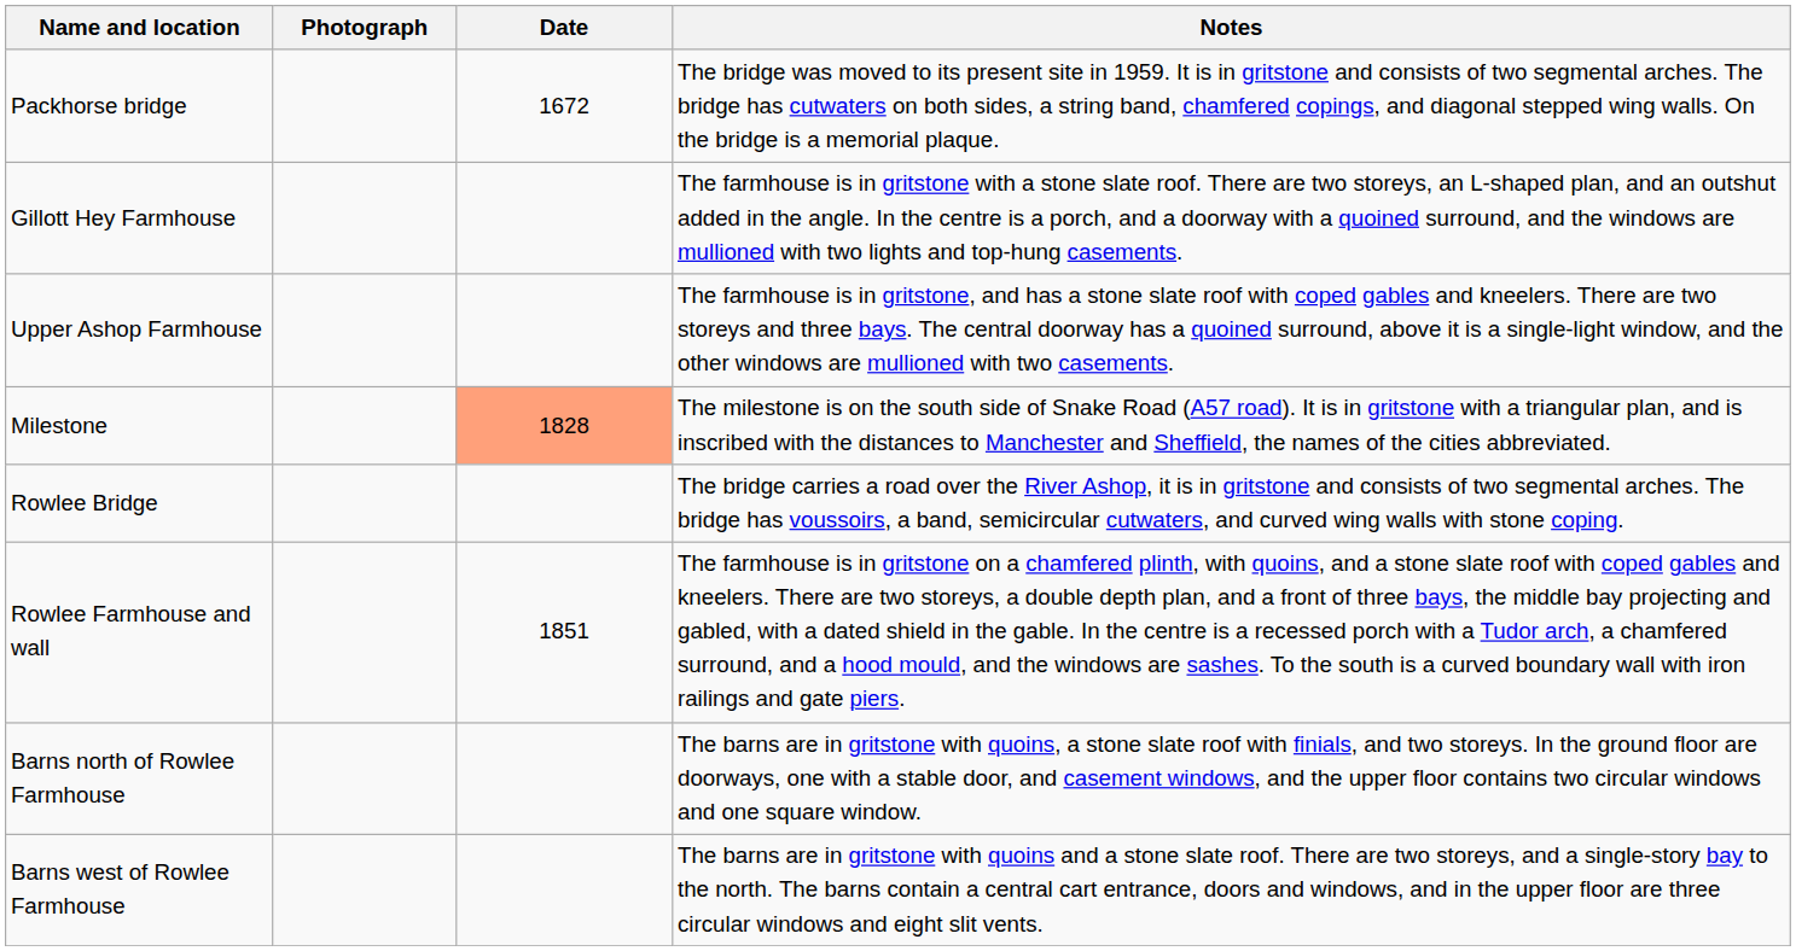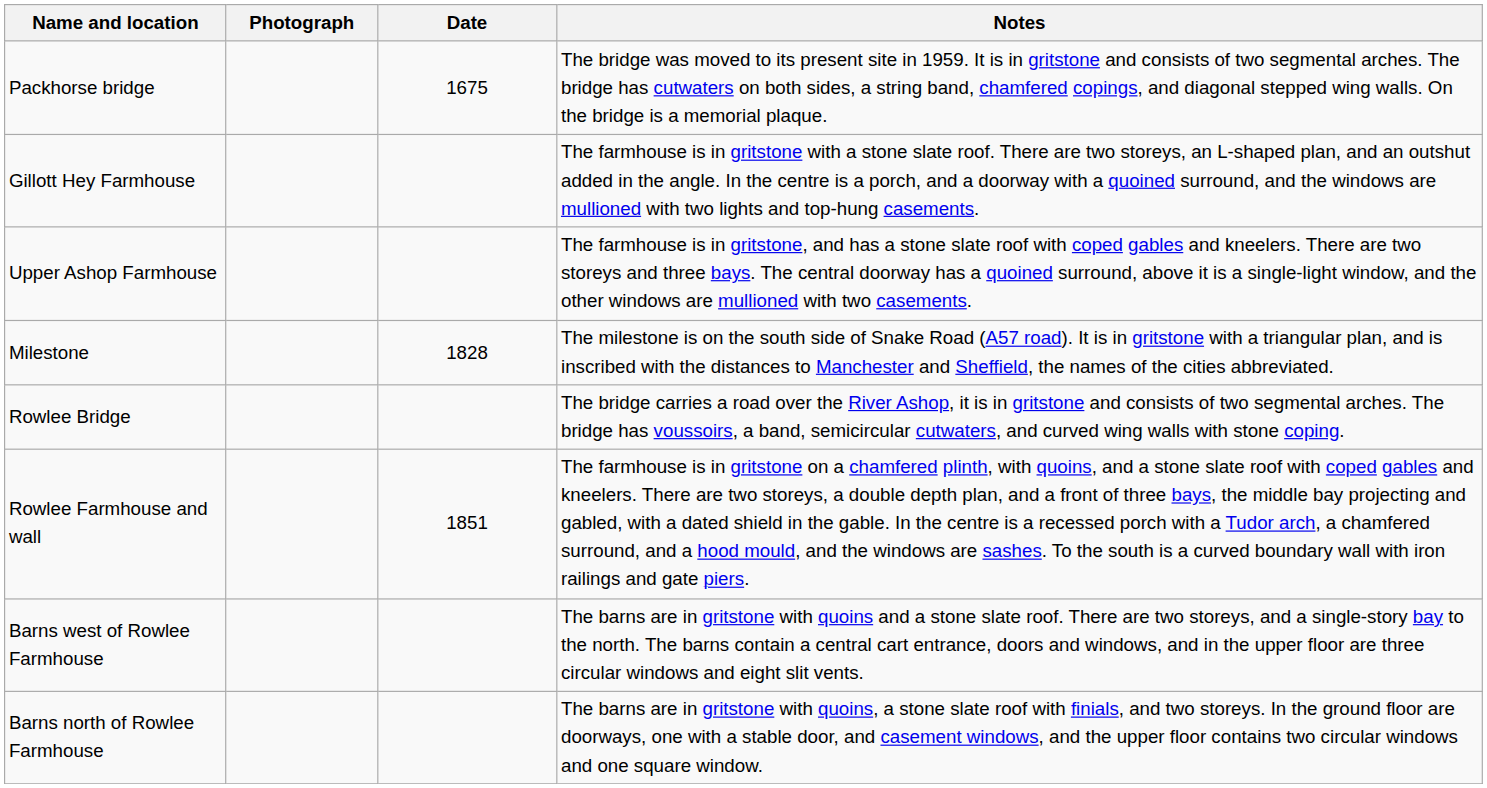 <table class="wikitable sortable plainrowheaders" style="width:100%;border:0px;text-align:left;line-height:150%;">
 <tr>
 <th scope="col" style="width:150px">Name and location</th>
 <th scope="col" style="width:100px" class="unsortable">Photograph</th>
 <th scope="col" style="width:120px">Date</th>
 <th scope="col" style="width:650px" class="unsortable">Notes</th>
 </tr>
 <tr>
 <td>Packhorse bridge<br><small></small></td>
 <td></td>
-<td align="center">1672</td>
+<td align="center">1675</td>
 <td>The bridge was moved to its present site in 1959. It is in <a href='#'>gritstone</a> and consists of two segmental arches. The bridge has <a href='#'>cutwaters</a> on both sides, a string band, <a href='#'>chamfered</a> <a href='#'>copings</a>, and diagonal stepped wing walls. On the bridge is a memorial plaque.</td>
 </tr>
 <tr>
 <td>Gillott Hey Farmhouse<br><small></small></td>
 <td></td>
 <td align="center"></td>
 <td>The farmhouse is in <a href='#'>gritstone</a> with a stone slate roof. There are two storeys, an L-shaped plan, and an outshut added in the angle. In the centre is a porch, and a doorway with a <a href='#'>quoined</a> surround, and the windows are <a href='#'>mullioned</a> with two lights and top-hung <a href='#'>casements</a>.</td>
 </tr>
 <tr>
 <td>Upper Ashop Farmhouse<br><small></small></td>
 <td></td>
 <td align="center"></td>
 <td>The farmhouse is in <a href='#'>gritstone</a>, and has a stone slate roof with <a href='#'>coped</a> <a href='#'>gables</a> and kneelers. There are two storeys and three <a href='#'>bays</a>. The central doorway has a <a href='#'>quoined</a> surround, above it is a single-light window, and the other windows are <a href='#'>mullioned</a> with two <a href='#'>casements</a>.</td>
 </tr>
 <tr>
 <td>Milestone<br><small></small></td>
 <td></td>
-<td align="center" style="background: lightsalmon;">1828</td>
+<td align="center">1828</td>
 <td>The milestone is on the south side of Snake Road (<a href='#'>A57 road</a>). It is in <a href='#'>gritstone</a> with a triangular plan, and is inscribed with the distances to <a href='#'>Manchester</a> and <a href='#'>Sheffield</a>, the names of the cities abbreviated.</td>
 </tr>
 <tr>
 <td>Rowlee Bridge<br><small></small></td>
 <td></td>
 <td align="center"></td>
 <td>The bridge carries a road over the <a href='#'>River Ashop</a>, it is in <a href='#'>gritstone</a> and consists of two segmental arches. The bridge has <a href='#'>voussoirs</a>, a band, semicircular <a href='#'>cutwaters</a>, and curved wing walls with stone <a href='#'>coping</a>.</td>
 </tr>
 <tr>
 <td>Rowlee Farmhouse and wall<br><small></small></td>
 <td></td>
 <td align="center">1851</td>
 <td>The farmhouse is in <a href='#'>gritstone</a> on a <a href='#'>chamfered</a> <a href='#'>plinth</a>, with <a href='#'>quoins</a>, and a stone slate roof with <a href='#'>coped</a> <a href='#'>gables</a> and kneelers. There are two storeys, a double depth plan, and a front of three <a href='#'>bays</a>, the middle bay projecting and gabled, with a dated shield in the gable. In the centre is a recessed porch with a <a href='#'>Tudor arch</a>, a chamfered surround, and a <a href='#'>hood mould</a>, and the windows are <a href='#'>sashes</a>. To the south is a curved boundary wall with iron railings and gate <a href='#'>piers</a>.</td>
 </tr>
 <tr>
+<td>Barns west of Rowlee Farmhouse<br><small></small></td>
+<td></td>
+<td align="center"></td>
+<td>The barns are in <a href='#'>gritstone</a> with <a href='#'>quoins</a> and a stone slate roof. There are two storeys, and a single-story <a href='#'>bay</a> to the north. The barns contain a central cart entrance, doors and windows, and in the upper floor are three circular windows and eight slit vents.</td>
+</tr>
+<tr>
 <td>Barns north of Rowlee Farmhouse<br><small></small></td>
 <td></td>
 <td align="center"></td>
 <td>The barns are in <a href='#'>gritstone</a> with <a href='#'>quoins</a>, a stone slate roof with <a href='#'>finials</a>, and two storeys. In the ground floor are doorways, one with a stable door, and <a href='#'>casement windows</a>, and the upper floor contains two circular windows and one square window.</td>
 </tr>
 <tr>
-<td>Barns west of Rowlee Farmhouse<br><small></small></td>
-<td></td>
-<td align="center"></td>
-<td>The barns are in <a href='#'>gritstone</a> with <a href='#'>quoins</a> and a stone slate roof. There are two storeys, and a single-story <a href='#'>bay</a> to the north. The barns contain a central cart entrance, doors and windows, and in the upper floor are three circular windows and eight slit vents.</td>
-</tr>
-<tr>
 </tr>
 </table>
